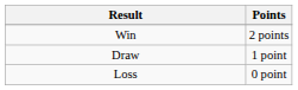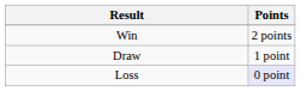 <table class="wikitable sortable" style="text-align:center">
 <tr>
 <th style="width:300px;">Result</th>
 <th>Points</th>
 </tr>
 <tr>
 </tr>
 <tr>
 <td>Win</td>
 <td>2 points</td>
 </tr>
 <tr>
 <td>Draw</td>
 <td>1 point</td>
 </tr>
 <tr>
 <td>Loss</td>
-<td>0 point</td>
+<td style="background: lavender;">0 point</td>
 </tr>
 </table>
